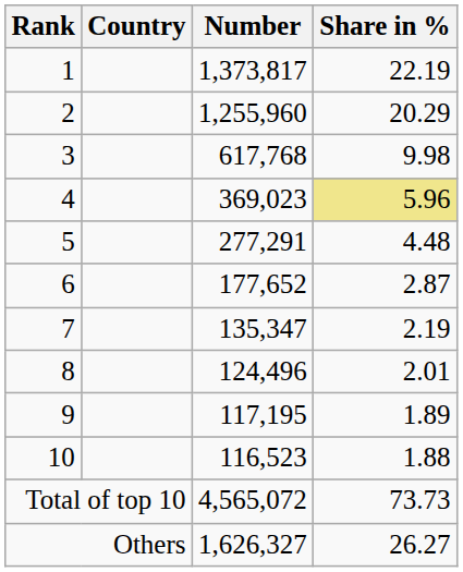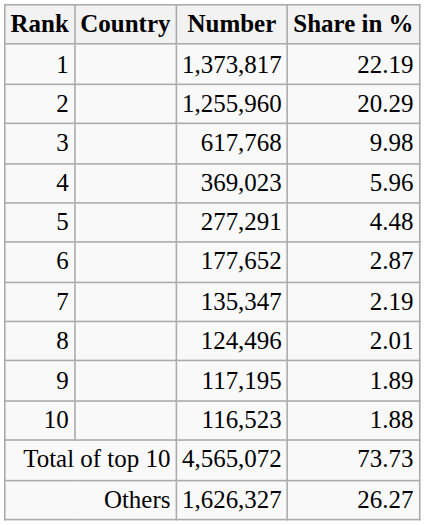 <table class="wikitable" style="text-align:right">
 <tr>
 <th>Rank</th>
 <th>Country</th>
 <th>Number</th>
 <th>Share in %</th>
 </tr>
 <tr>
 <td>1</td>
 <td style="text-align:left"></td>
 <td>1,373,817</td>
 <td>22.19</td>
 </tr>
 <tr>
 <td>2</td>
 <td style="text-align:left"></td>
 <td>1,255,960</td>
 <td>20.29</td>
 </tr>
 <tr>
 <td>3</td>
 <td style="text-align:left"></td>
 <td>617,768</td>
 <td>9.98</td>
 </tr>
 <tr>
 <td>4</td>
 <td style="text-align:left"></td>
 <td>369,023</td>
-<td style="background: khaki;">5.96</td>
+<td>5.96</td>
 </tr>
 <tr>
 <td>5</td>
 <td style="text-align:left"></td>
 <td>277,291</td>
 <td>4.48</td>
 </tr>
 <tr>
 <td>6</td>
 <td style="text-align:left"></td>
 <td>177,652</td>
 <td>2.87</td>
 </tr>
 <tr>
 <td>7</td>
 <td style="text-align:left"></td>
 <td>135,347</td>
 <td>2.19</td>
 </tr>
 <tr>
 <td>8</td>
 <td style="text-align:left"></td>
 <td>124,496</td>
 <td>2.01</td>
 </tr>
 <tr>
 <td>9</td>
 <td style="text-align:left"></td>
 <td>117,195</td>
 <td>1.89</td>
 </tr>
 <tr>
 <td>10</td>
 <td style="text-align:left"></td>
 <td>116,523</td>
 <td>1.88</td>
 </tr>
 <tr>
 <td colspan="2" style="text-align:right;">Total of top 10</td>
 <td>4,565,072</td>
 <td>73.73</td>
 </tr>
 <tr>
 <td colspan="2">Others</td>
 <td>1,626,327</td>
 <td>26.27</td>
 </tr>
 </table>
